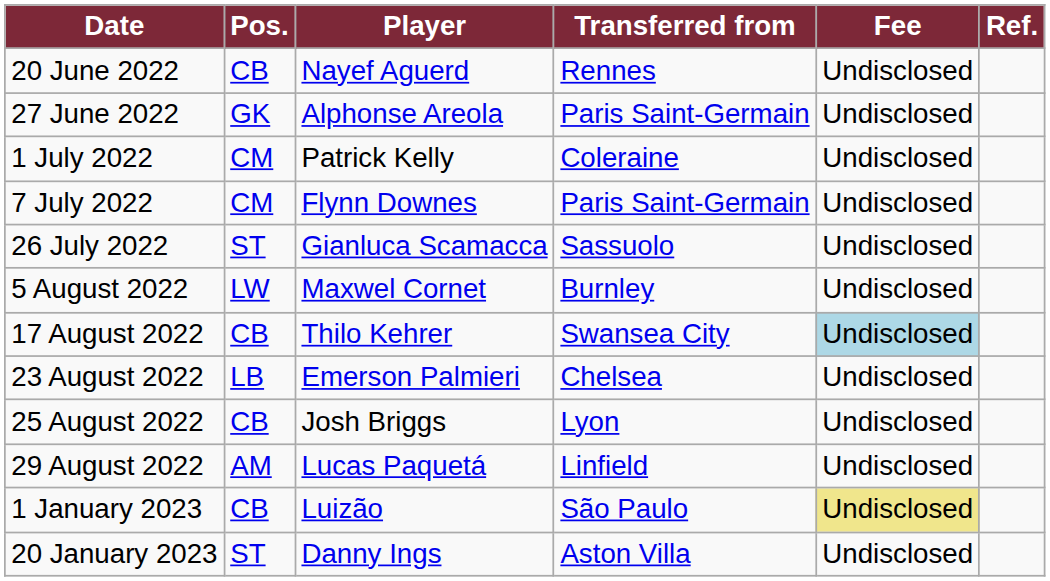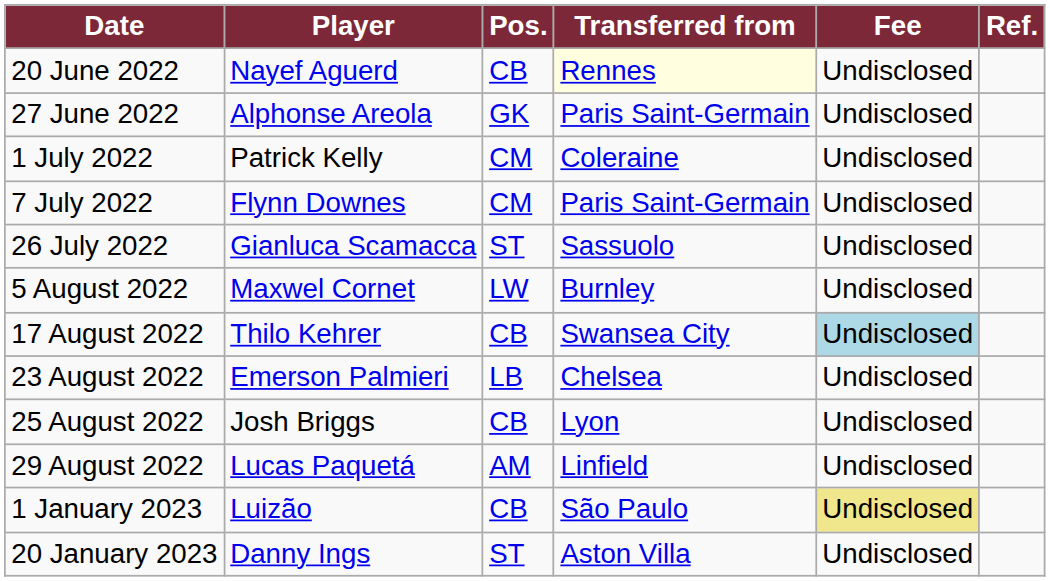 <table class="wikitable plainrowheaders sortable">
 <tr>
 <th style="background:#7D2838; color:#FFFFFF; ">Date</th>
+<th style="background:#7D2838; color:#FFFFFF; ">Player</th>
 <th style="background:#7D2838; color:#FFFFFF; ">Pos.</th>
-<th style="background:#7D2838; color:#FFFFFF; ">Player</th>
 <th style="background:#7D2838; color:#FFFFFF; ">Transferred from</th>
 <th style="background:#7D2838; color:#FFFFFF; ">Fee</th>
 <th style="background:#7D2838; color:#FFFFFF; ">Ref.</th>
 </tr>
 <tr>
 <td>20 June 2022</td>
+<td> <a href='#'>Nayef Aguerd</a></td>
 <td><a href='#'>CB</a></td>
-<td> <a href='#'>Nayef Aguerd</a></td>
-<td> <a href='#'>Rennes</a></td>
+<td style="background: lightyellow;"> <a href='#'>Rennes</a></td>
 <td>Undisclosed</td>
 <td></td>
 </tr>
 <tr>
 <td>27 June 2022</td>
+<td> <a href='#'>Alphonse Areola</a></td>
 <td><a href='#'>GK</a></td>
-<td> <a href='#'>Alphonse Areola</a></td>
 <td> <a href='#'>Paris Saint-Germain</a></td>
 <td>Undisclosed</td>
 <td></td>
 </tr>
 <tr>
 <td>1 July 2022</td>
+<td> Patrick Kelly</td>
 <td><a href='#'>CM</a></td>
-<td> Patrick Kelly</td>
 <td> <a href='#'>Coleraine</a></td>
 <td>Undisclosed</td>
 <td></td>
 </tr>
 <tr>
 <td>7 July 2022</td>
+<td> <a href='#'>Flynn Downes</a></td>
 <td><a href='#'>CM</a></td>
-<td> <a href='#'>Flynn Downes</a></td>
 <td> <a href='#'>Paris Saint-Germain</a></td>
 <td>Undisclosed</td>
 <td></td>
 </tr>
 <tr>
 <td>26 July 2022</td>
+<td> <a href='#'>Gianluca Scamacca</a></td>
 <td><a href='#'>ST</a></td>
-<td> <a href='#'>Gianluca Scamacca</a></td>
 <td> <a href='#'>Sassuolo</a></td>
 <td>Undisclosed</td>
 <td></td>
 </tr>
 <tr>
 <td>5 August 2022</td>
+<td> <a href='#'>Maxwel Cornet</a></td>
 <td><a href='#'>LW</a></td>
-<td> <a href='#'>Maxwel Cornet</a></td>
 <td> <a href='#'>Burnley</a></td>
 <td>Undisclosed</td>
 <td></td>
 </tr>
 <tr>
 <td>17 August 2022</td>
+<td> <a href='#'>Thilo Kehrer</a></td>
 <td><a href='#'>CB</a></td>
-<td> <a href='#'>Thilo Kehrer</a></td>
 <td> <a href='#'>Swansea City</a></td>
 <td style="background: lightblue;">Undisclosed</td>
 <td></td>
 </tr>
 <tr>
 <td>23 August 2022</td>
+<td> <a href='#'>Emerson Palmieri</a></td>
 <td><a href='#'>LB</a></td>
-<td> <a href='#'>Emerson Palmieri</a></td>
 <td> <a href='#'>Chelsea</a></td>
 <td>Undisclosed</td>
 <td></td>
 </tr>
 <tr>
 <td>25 August 2022</td>
+<td> Josh Briggs</td>
 <td><a href='#'>CB</a></td>
-<td> Josh Briggs</td>
 <td> <a href='#'>Lyon</a></td>
 <td>Undisclosed</td>
 <td></td>
 </tr>
 <tr>
 <td>29 August 2022</td>
+<td> <a href='#'>Lucas Paquetá</a></td>
 <td><a href='#'>AM</a></td>
-<td> <a href='#'>Lucas Paquetá</a></td>
 <td> <a href='#'>Linfield</a></td>
 <td>Undisclosed</td>
 <td></td>
 </tr>
 <tr>
 <td>1 January 2023</td>
+<td> <a href='#'>Luizão</a></td>
 <td><a href='#'>CB</a></td>
-<td> <a href='#'>Luizão</a></td>
 <td> <a href='#'>São Paulo</a></td>
 <td style="background: khaki;">Undisclosed</td>
 <td></td>
 </tr>
 <tr>
 <td>20 January 2023</td>
+<td> <a href='#'>Danny Ings</a></td>
 <td><a href='#'>ST</a></td>
-<td> <a href='#'>Danny Ings</a></td>
 <td> <a href='#'>Aston Villa</a></td>
 <td>Undisclosed</td>
 <td></td>
 </tr>
 </table>
